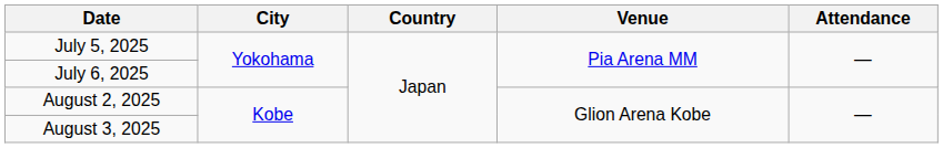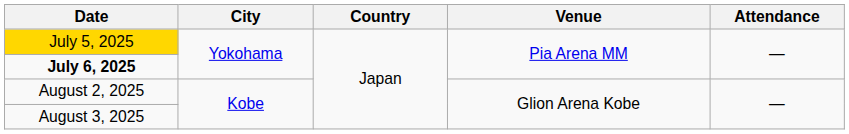 <table class="wikitable" style="text-align:center;">
 <tr>
 <th width="170">Date</th>
 <th width="130">City</th>
 <th width="130">Country</th>
 <th width="260">Venue</th>
 <th width="130">Attendance</th>
 </tr>
 <tr>
-<td>July 5, 2025</td>
+<td style="background: gold;">July 5, 2025</td>
 <td rowspan="2"><a href='#'>Yokohama</a></td>
 <td rowspan="4">Japan</td>
 <td rowspan="2"><a href='#'>Pia Arena MM</a></td>
 <td rowspan="2">—</td>
 </tr>
 <tr>
-<td>July 6, 2025</td>
+<td><strong>July 6, 2025</strong></td>
 </tr>
 <tr>
 <td>August 2, 2025</td>
 <td rowspan="2"><a href='#'>Kobe</a></td>
 <td rowspan="2">Glion Arena Kobe</td>
 <td rowspan="2">—</td>
 </tr>
 <tr>
 <td>August 3, 2025</td>
 </tr>
 </table>
